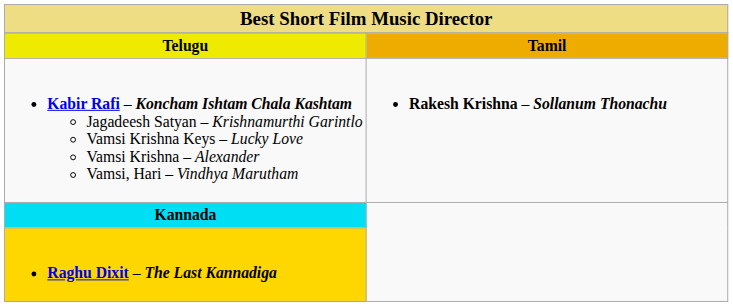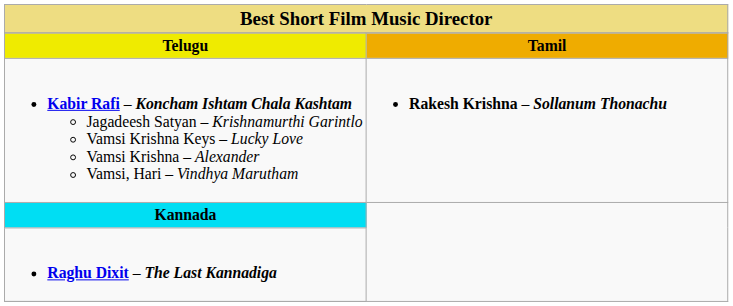 <table class="wikitable">
 <tr>
 <th colspan="2" rowspan="1" style="background:#EEDD82;"><big><strong>Best Short Film Music Director</strong></big></th>
 </tr>
 <tr>
 </tr>
 <tr>
 <th style="background:#efeb00; width: 50%">Telugu</th>
 <th style="background:#efac00;">Tamil</th>
 </tr>
 <tr>
 <td valign="top"><br><ul><li><strong><a href='#'>Kabir Rafi</a></strong> – <strong><em>Koncham Ishtam Chala Kashtam</em></strong><ul><li>Jagadeesh Satyan – <em>Krishnamurthi Garintlo</em></li><li>Vamsi Krishna Keys – <em>Lucky Love</em></li><li>Vamsi Krishna – <em>Alexander</em></li><li>Vamsi, Hari – <em>Vindhya Marutham</em></li></ul></li></ul></td>
 <td valign="top"><br><ul><li><strong>Rakesh Krishna</strong> – <strong><em>Sollanum Thonachu</em></strong></li></ul></td>
 </tr>
 <tr>
 <th style="background:#00def3;" align="center">Kannada</th>
 </tr>
 <tr>
-<td style="background: gold;"><br><ul><li><strong><a href='#'>Raghu Dixit</a></strong> – <strong><em>The Last Kannadiga</em></strong></li></ul></td>
+<td><br><ul><li><strong><a href='#'>Raghu Dixit</a></strong> – <strong><em>The Last Kannadiga</em></strong></li></ul></td>
 </tr>
 <tr>
 </tr>
 </table>
